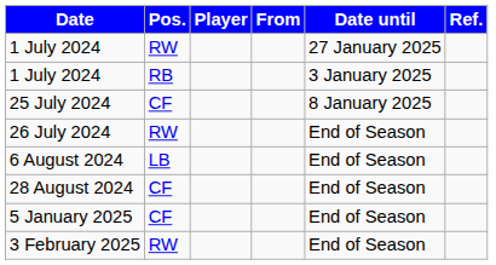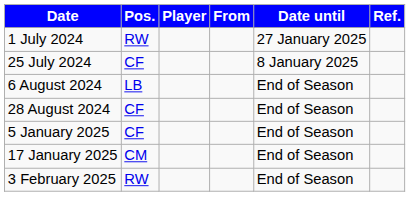 <table class="wikitable plainrowheaders sortable">
 <tr>
 <th style="background:#0000FF; color:#FFFFFF; ">Date</th>
 <th style="background:#0000FF; color:#FFFFFF; ">Pos.</th>
 <th style="background:#0000FF; color:#FFFFFF; ">Player</th>
 <th style="background:#0000FF; color:#FFFFFF; ">From</th>
 <th style="background:#0000FF; color:#FFFFFF; ">Date until</th>
 <th style="background:#0000FF; color:#FFFFFF; ">Ref.</th>
 </tr>
 <tr>
 <td>1 July 2024</td>
 <td><a href='#'>RW</a></td>
 <td></td>
 <td></td>
 <td>27 January 2025</td>
 <td></td>
 </tr>
 <tr>
-<td>1 July 2024</td>
-<td><a href='#'>RB</a></td>
-<td></td>
-<td></td>
-<td>3 January 2025</td>
-<td></td>
-</tr>
-<tr>
 <td>25 July 2024</td>
 <td><a href='#'>CF</a></td>
 <td></td>
 <td></td>
 <td>8 January 2025</td>
-<td></td>
-</tr>
-<tr>
-<td>26 July 2024</td>
-<td><a href='#'>RW</a></td>
-<td></td>
-<td></td>
-<td>End of Season</td>
 <td></td>
 </tr>
 <tr>
 <td>6 August 2024</td>
 <td><a href='#'>LB</a></td>
 <td></td>
 <td></td>
 <td>End of Season</td>
 <td></td>
 </tr>
 <tr>
 <td>28 August 2024</td>
 <td><a href='#'>CF</a></td>
 <td></td>
 <td></td>
 <td>End of Season</td>
 <td></td>
 </tr>
 <tr>
 <td>5 January 2025</td>
 <td><a href='#'>CF</a></td>
 <td></td>
 <td></td>
 <td>End of Season</td>
 <td></td>
 </tr>
 <tr>
+<td>17 January 2025</td>
+<td><a href='#'>CM</a></td>
+<td></td>
+<td></td>
+<td>End of Season</td>
+<td></td>
+</tr>
+<tr>
 <td>3 February 2025</td>
 <td><a href='#'>RW</a></td>
 <td></td>
 <td></td>
 <td>End of Season</td>
 <td></td>
 </tr>
 </table>
